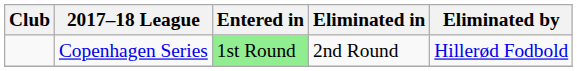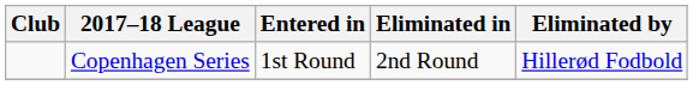 <table class="wikitable sortable">
 <tr>
 <th>Club</th>
 <th>2017–18 League</th>
 <th>Entered in</th>
 <th>Eliminated in</th>
 <th>Eliminated by</th>
 </tr>
 <tr>
 <td></td>
 <td><a href='#'>Copenhagen Series</a></td>
-<td style="background: lightgreen;">1st Round</td>
+<td>1st Round</td>
 <td>2nd Round</td>
 <td><a href='#'>Hillerød Fodbold</a></td>
 </tr>
 <tr>
 </tr>
 </table>
